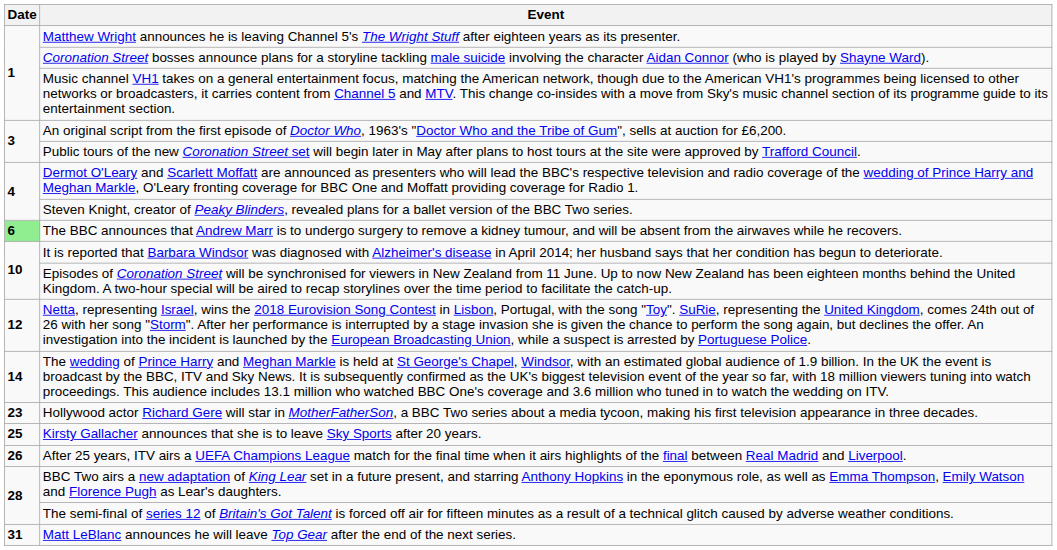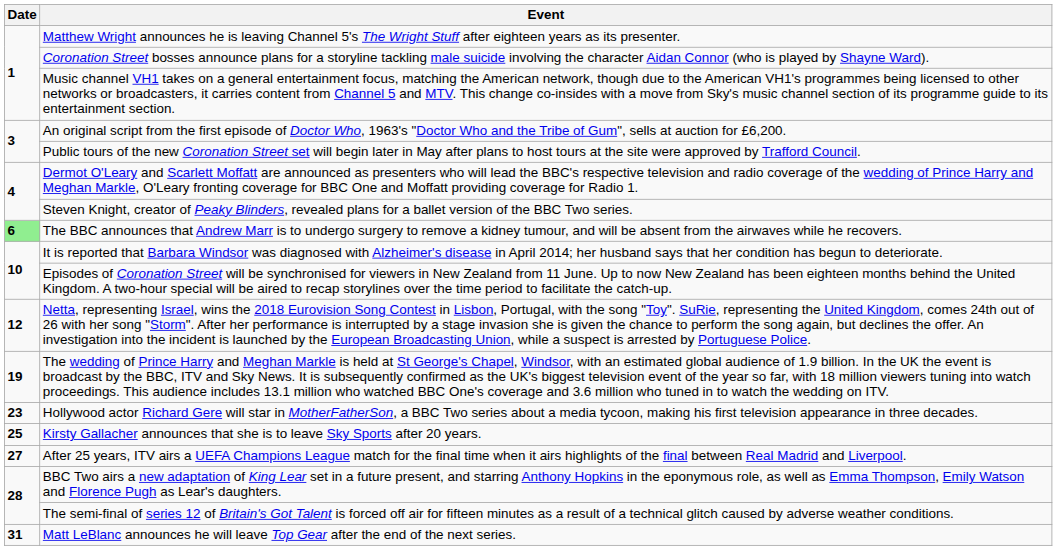 <table class="wikitable">
 <tr>
 <th>Date</th>
 <th>Event</th>
 </tr>
 <tr>
 <td rowspan=3><strong>1</strong></td>
 <td><a href='#'>Matthew Wright</a> announces he is leaving Channel 5's <em><a href='#'>The Wright Stuff</a></em> after eighteen years as its presenter.</td>
 </tr>
 <tr>
 <td><em><a href='#'>Coronation Street</a></em> bosses announce plans for a storyline tackling <a href='#'>male suicide</a> involving the character <a href='#'>Aidan Connor</a> (who is played by <a href='#'>Shayne Ward</a>).</td>
 </tr>
 <tr>
 <td>Music channel <a href='#'>VH1</a> takes on a general entertainment focus, matching the American network, though due to the American VH1's programmes being licensed to other networks or broadcasters, it carries content from <a href='#'>Channel 5</a> and <a href='#'>MTV</a>. This change co-insides with a move from Sky's music channel section of its programme guide to its entertainment section.</td>
 </tr>
 <tr>
 <td rowspan=2><strong>3</strong></td>
 <td>An original script from the first episode of <em><a href='#'>Doctor Who</a></em>, 1963's "<a href='#'>Doctor Who and the Tribe of Gum</a>", sells at auction for £6,200.</td>
 </tr>
 <tr>
 <td>Public tours of the new <a href='#'><em>Coronation Street</em> set</a> will begin later in May after plans to host tours at the site were approved by <a href='#'>Trafford Council</a>.</td>
 </tr>
 <tr>
 <td rowspan=2><strong>4</strong></td>
 <td><a href='#'>Dermot O'Leary</a> and <a href='#'>Scarlett Moffatt</a> are announced as presenters who will lead the BBC's respective television and radio coverage of the <a href='#'>wedding of Prince Harry and Meghan Markle</a>, O'Leary fronting coverage for BBC One and Moffatt providing coverage for Radio 1.</td>
 </tr>
 <tr>
 <td>Steven Knight, creator of <em><a href='#'>Peaky Blinders</a></em>, revealed plans for a ballet version of the BBC Two series.</td>
 </tr>
 <tr>
 <td style="background: lightgreen;"><strong>6</strong></td>
 <td>The BBC announces that <a href='#'>Andrew Marr</a> is to undergo surgery to remove a kidney tumour, and will be absent from the airwaves while he recovers.</td>
 </tr>
 <tr>
 <td rowspan=2><strong>10</strong></td>
 <td>It is reported that <a href='#'>Barbara Windsor</a> was diagnosed with <a href='#'>Alzheimer's disease</a> in April 2014; her husband says that her condition has begun to deteriorate.</td>
 </tr>
 <tr>
 <td>Episodes of <em><a href='#'>Coronation Street</a></em> will be synchronised for viewers in New Zealand from 11 June. Up to now New Zealand has been eighteen months behind the United Kingdom. A two-hour special will be aired to recap storylines over the time period to facilitate the catch-up.</td>
 </tr>
 <tr>
 <td><strong>12</strong></td>
 <td><a href='#'>Netta</a>, representing <a href='#'>Israel</a>, wins the <a href='#'>2018 Eurovision Song Contest</a> in <a href='#'>Lisbon</a>, Portugal, with the song "<a href='#'>Toy</a>". <a href='#'>SuRie</a>, representing the <a href='#'>United Kingdom</a>, comes 24th out of 26 with her song "<a href='#'>Storm</a>". After her performance is interrupted by a stage invasion she is given the chance to perform the song again, but declines the offer. An investigation into the incident is launched by the <a href='#'>European Broadcasting Union</a>, while a suspect is arrested by <a href='#'>Portuguese Police</a>.</td>
 </tr>
 <tr>
-<td><strong>14</strong></td>
+<td><strong>19</strong></td>
 <td>The <a href='#'>wedding</a> of <a href='#'>Prince Harry</a> and <a href='#'>Meghan Markle</a> is held at <a href='#'>St George's Chapel</a>, <a href='#'>Windsor</a>, with an estimated global audience of 1.9 billion. In the UK the event is broadcast by the BBC, ITV and Sky News. It is subsequently confirmed as the UK's biggest television event of the year so far, with 18 million viewers tuning into watch proceedings. This audience includes 13.1 million who watched BBC One's coverage and 3.6 million who tuned in to watch the wedding on ITV.</td>
 </tr>
 <tr>
 <td><strong>23</strong></td>
 <td>Hollywood actor <a href='#'>Richard Gere</a> will star in <em><a href='#'>MotherFatherSon</a></em>, a BBC Two series about a media tycoon, making his first television appearance in three decades.</td>
 </tr>
 <tr>
 <td><strong>25</strong></td>
 <td><a href='#'>Kirsty Gallacher</a> announces that she is to leave <a href='#'>Sky Sports</a> after 20 years.</td>
 </tr>
 <tr>
-<td><strong>26</strong></td>
+<td><strong>27</strong></td>
 <td>After 25 years, ITV airs a <a href='#'>UEFA Champions League</a> match for the final time when it airs highlights of the <a href='#'>final</a> between <a href='#'>Real Madrid</a> and <a href='#'>Liverpool</a>.</td>
 </tr>
 <tr>
 <td rowspan=2><strong>28</strong></td>
 <td>BBC Two airs a <a href='#'>new adaptation</a> of <em><a href='#'>King Lear</a></em> set in a future present, and starring <a href='#'>Anthony Hopkins</a> in the eponymous role, as well as <a href='#'>Emma Thompson</a>, <a href='#'>Emily Watson</a> and <a href='#'>Florence Pugh</a> as Lear's daughters.</td>
 </tr>
 <tr>
 <td>The semi-final of <a href='#'>series 12</a> of <em><a href='#'>Britain's Got Talent</a></em> is forced off air for fifteen minutes as a result of a technical glitch caused by adverse weather conditions.</td>
 </tr>
 <tr>
 <td><strong>31</strong></td>
 <td><a href='#'>Matt LeBlanc</a> announces he will leave <em><a href='#'>Top Gear</a></em> after the end of the next series.</td>
 </tr>
 </table>
